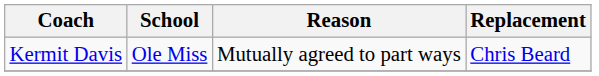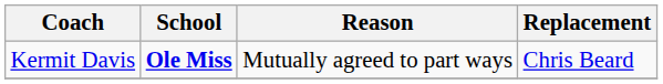 <table class="wikitable">
 <tr>
 <th>Coach</th>
 <th>School</th>
 <th>Reason</th>
 <th>Replacement</th>
 </tr>
 <tr>
 <td><a href='#'>Kermit Davis</a></td>
-<td><a href='#'>Ole Miss</a></td>
+<td><strong><a href='#'>Ole Miss</a></strong></td>
 <td>Mutually agreed to part ways</td>
 <td><a href='#'>Chris Beard</a></td>
 </tr>
 <tr>
 </tr>
 </table>
